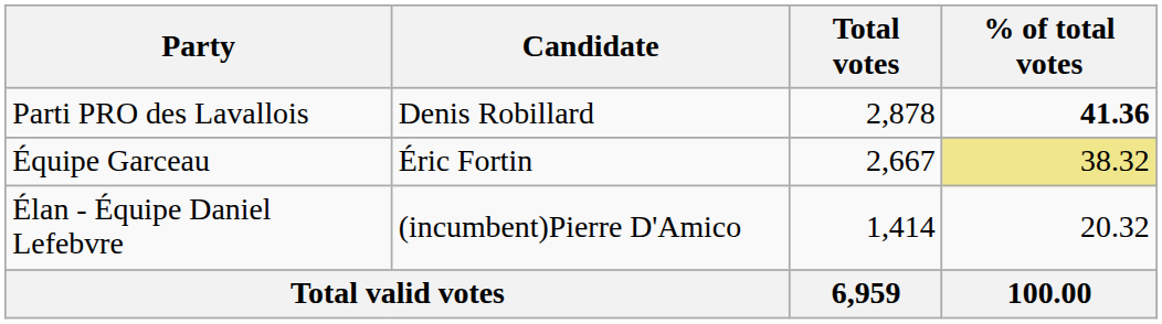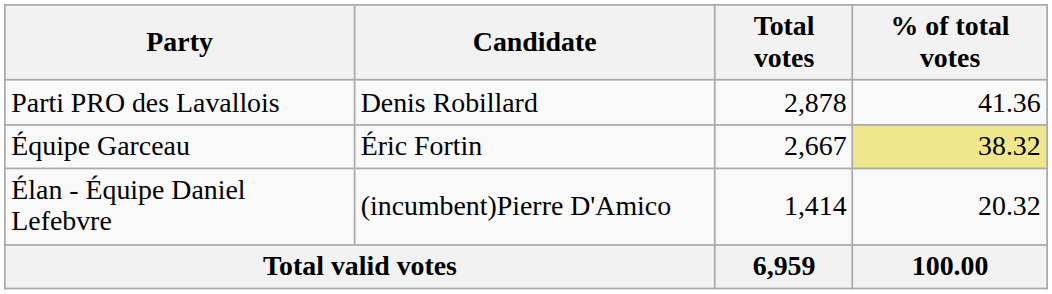 <table style="width:600px;" class="wikitable">
 <tr style="background-color:#E9E9E9">
 <th colspan="2" style="width: 200px">Party</th>
 <th colspan="1" style="width: 200px">Candidate</th>
 <th align="right">Total votes</th>
 <th align="right">% of total votes</th>
 </tr>
 <tr>
 <td colspan="2" align="left">Parti PRO des Lavallois</td>
 <td align="left">Denis Robillard</td>
 <td align="right">2,878</td>
-<td align="right"><strong>41.36</strong></td>
+<td align="right">41.36</td>
 </tr>
 <tr>
 <td colspan="2" align="left">Équipe Garceau</td>
 <td align="left">Éric Fortin</td>
 <td align="right">2,667</td>
 <td align="right" style="background: khaki;">38.32</td>
 </tr>
 <tr>
 <td colspan="2" align="left">Élan - Équipe Daniel Lefebvre</td>
 <td align="left">(incumbent)Pierre D'Amico</td>
 <td align="right">1,414</td>
 <td align="right">20.32</td>
 </tr>
 <tr bgcolor="#EEEEEE">
 <th colspan="3"  align="left">Total valid votes</th>
 <th align="right">6,959</th>
 <th align="right">100.00</th>
 </tr>
 </table>
